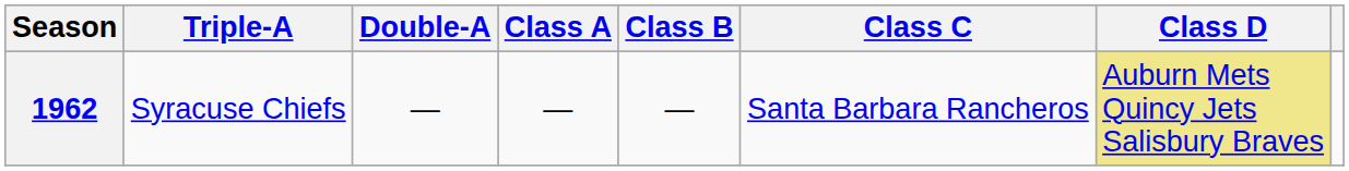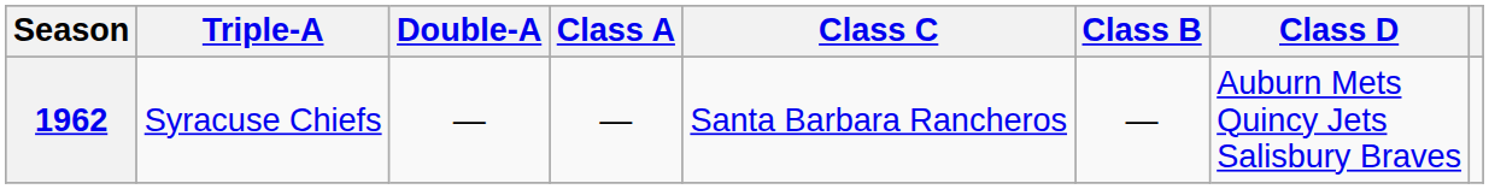 <table class="wikitable plainrowheaders">
 <tr>
 <th scope="col">Season</th>
 <th scope="col"><a href='#'><span>Triple-A</span></a></th>
 <th scope="col"><a href='#'><span>Double-A</span></a></th>
 <th scope="col"><a href='#'><span>Class A</span></a></th>
+<th scope="col"><a href='#'><span>Class C</span></a></th>
 <th scope="col"><a href='#'><span>Class B</span></a></th>
-<th scope="col"><a href='#'><span>Class C</span></a></th>
 <th scope="col"><a href='#'><span>Class D</span></a></th>
 <th scope="col"></th>
 </tr>
 <tr>
 <th scope="row" style="text-align:center"><a href='#'>1962</a></th>
 <td><a href='#'>Syracuse Chiefs</a></td>
 <td align="center">—</td>
 <td align="center">—</td>
+<td><a href='#'>Santa Barbara Rancheros</a></td>
 <td align="center">—</td>
-<td><a href='#'>Santa Barbara Rancheros</a></td>
-<td style="background: khaki;"><a href='#'>Auburn Mets</a><br><a href='#'>Quincy Jets</a><br><a href='#'>Salisbury Braves</a></td>
+<td><a href='#'>Auburn Mets</a><br><a href='#'>Quincy Jets</a><br><a href='#'>Salisbury Braves</a></td>
 <td align="center"></td>
 </tr>
 </table>
